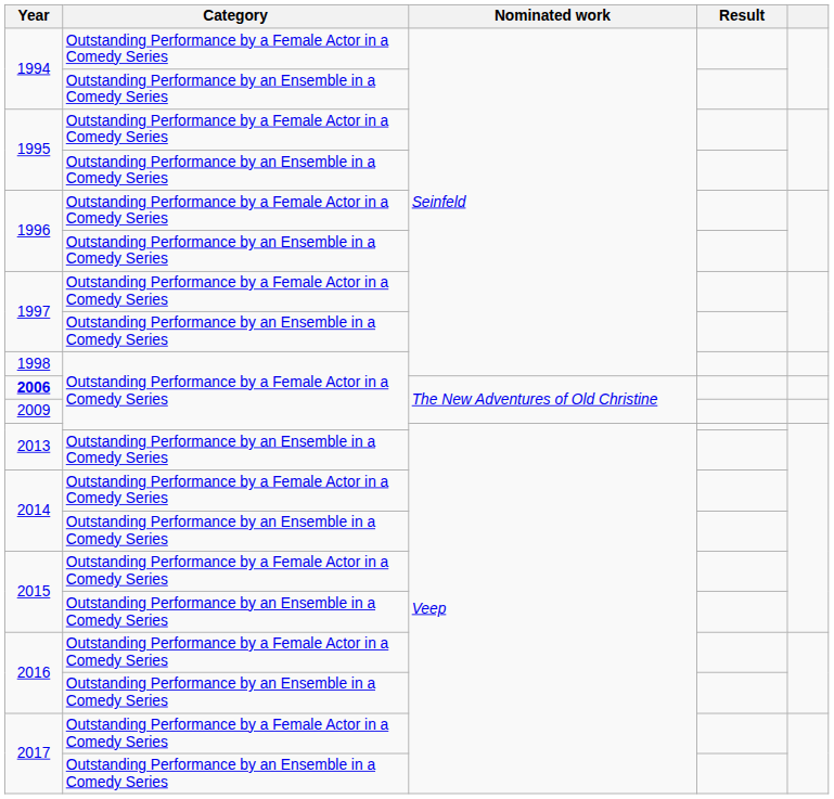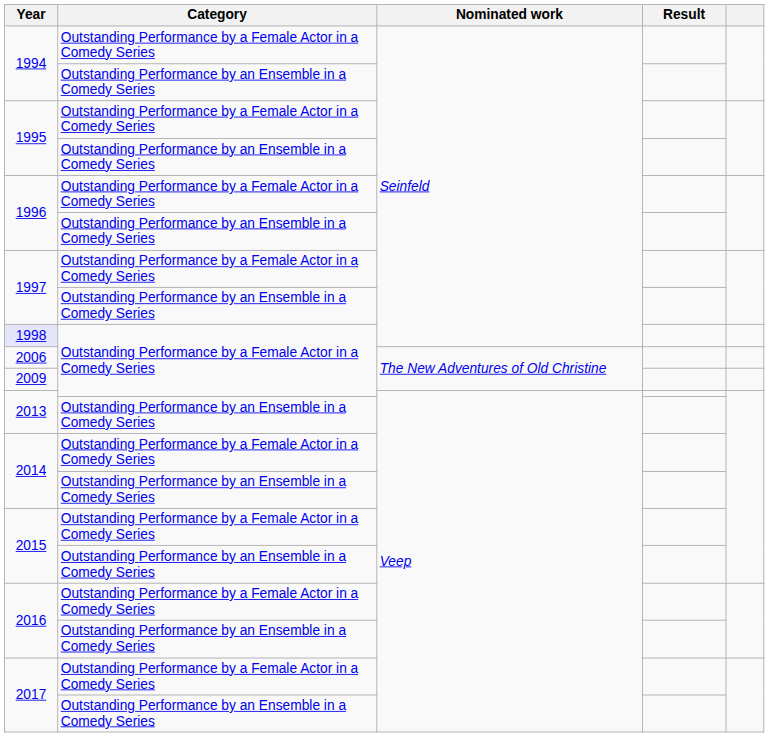 <table width="100%" class="wikitable">
 <tr>
 <th width="7%">Year</th>
 <th width="42%">Category</th>
 <th width="35%">Nominated work</th>
 <th width="11%">Result</th>
 <th width="5%"></th>
 </tr>
 <tr>
 <td rowspan="2" align="center"><a href='#'>1994</a></td>
 <td><a href='#'>Outstanding Performance by a Female Actor in a Comedy Series</a></td>
 <td rowspan="9"><em><a href='#'>Seinfeld</a></em></td>
 <td></td>
 <td rowspan="2" align="center"></td>
 </tr>
 <tr>
 <td><a href='#'>Outstanding Performance by an Ensemble in a Comedy Series</a></td>
 <td></td>
 </tr>
 <tr>
 <td rowspan="2" align="center"><a href='#'>1995</a></td>
 <td><a href='#'>Outstanding Performance by a Female Actor in a Comedy Series</a></td>
 <td></td>
 <td rowspan="2" align="center"></td>
 </tr>
 <tr>
 <td><a href='#'>Outstanding Performance by an Ensemble in a Comedy Series</a></td>
 <td></td>
 </tr>
 <tr>
 <td rowspan="2" align="center"><a href='#'>1996</a></td>
 <td><a href='#'>Outstanding Performance by a Female Actor in a Comedy Series</a></td>
 <td></td>
 <td rowspan="2" align="center"></td>
 </tr>
 <tr>
 <td><a href='#'>Outstanding Performance by an Ensemble in a Comedy Series</a></td>
 <td></td>
 </tr>
 <tr>
 <td rowspan="2" align="center"><a href='#'>1997</a></td>
 <td><a href='#'>Outstanding Performance by a Female Actor in a Comedy Series</a></td>
 <td></td>
 <td rowspan="2" align="center"></td>
 </tr>
 <tr>
 <td><a href='#'>Outstanding Performance by an Ensemble in a Comedy Series</a></td>
 <td></td>
 </tr>
 <tr>
-<td align="center"><a href='#'>1998</a></td>
+<td align="center" style="background: lavender;"><a href='#'>1998</a></td>
 <td rowspan="4"><a href='#'>Outstanding Performance by a Female Actor in a Comedy Series</a></td>
 <td></td>
 <td align="center"></td>
 </tr>
 <tr>
-<td align="center"><strong><a href='#'>2006</a></strong></td>
+<td align="center"><a href='#'>2006</a></td>
 <td rowspan="2"><em><a href='#'>The New Adventures of Old Christine</a></em></td>
 <td></td>
 <td align="center"></td>
 </tr>
 <tr>
 <td align="center"><a href='#'>2009</a></td>
 <td></td>
 <td align="center"></td>
 </tr>
 <tr>
 <td rowspan="2" align="center"><a href='#'>2013</a></td>
 <td rowspan="10"><em><a href='#'>Veep</a></em></td>
 <td></td>
 <td rowspan="6" align="center"></td>
 </tr>
 <tr>
 <td><a href='#'>Outstanding Performance by an Ensemble in a Comedy Series</a></td>
 <td></td>
 </tr>
 <tr>
 <td rowspan="2" align="center"><a href='#'>2014</a></td>
 <td><a href='#'>Outstanding Performance by a Female Actor in a Comedy Series</a></td>
 <td></td>
 </tr>
 <tr>
 <td><a href='#'>Outstanding Performance by an Ensemble in a Comedy Series</a></td>
 <td></td>
 </tr>
 <tr>
 <td rowspan="2" align="center"><a href='#'>2015</a></td>
 <td><a href='#'>Outstanding Performance by a Female Actor in a Comedy Series</a></td>
 <td></td>
 </tr>
 <tr>
 <td><a href='#'>Outstanding Performance by an Ensemble in a Comedy Series</a></td>
 <td></td>
 </tr>
 <tr>
 <td rowspan="2" align="center"><a href='#'>2016</a></td>
 <td><a href='#'>Outstanding Performance by a Female Actor in a Comedy Series</a></td>
 <td></td>
 <td rowspan="2" align="center"></td>
 </tr>
 <tr>
 <td><a href='#'>Outstanding Performance by an Ensemble in a Comedy Series</a></td>
 <td></td>
 </tr>
 <tr>
 <td rowspan="2" align="center"><a href='#'>2017</a></td>
 <td><a href='#'>Outstanding Performance by a Female Actor in a Comedy Series</a></td>
 <td></td>
 <td rowspan="2" align="center"></td>
 </tr>
 <tr>
 <td><a href='#'>Outstanding Performance by an Ensemble in a Comedy Series</a></td>
 <td></td>
 </tr>
 </table>
